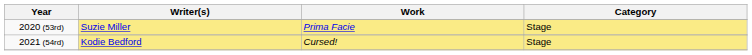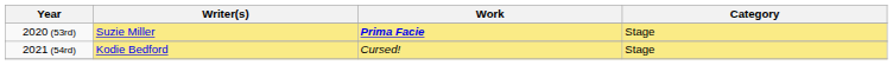 <table class="wikitable" style="width:98%;">
 <tr style="background:#bebebe;">
 <th style="width:10%;">Year</th>
 <th style="width:30%;">Writer(s)</th>
 <th style="width:30%;">Work</th>
 <th style="width:30%;">Category</th>
 </tr>
 <tr>
 <td rowspan=2 style="text-align:center">2020<small> (53rd)</small></td>
 </tr>
 <tr style="background:#FAEB86"|>
 <td><a href='#'>Suzie Miller</a></td>
-<td><em><a href='#'>Prima Facie</a></em></td>
+<td><strong><em><a href='#'>Prima Facie</a></em></strong></td>
 <td>Stage</td>
 </tr>
 <tr>
 <td rowspan=2 style="text-align:center">2021<small> (54rd)</small></td>
 </tr>
 <tr style="background:#FAEB86"|>
 <td><a href='#'>Kodie Bedford</a></td>
 <td><em>Cursed!</em></td>
 <td>Stage</td>
 </tr>
 <tr>
 </tr>
 </table>
